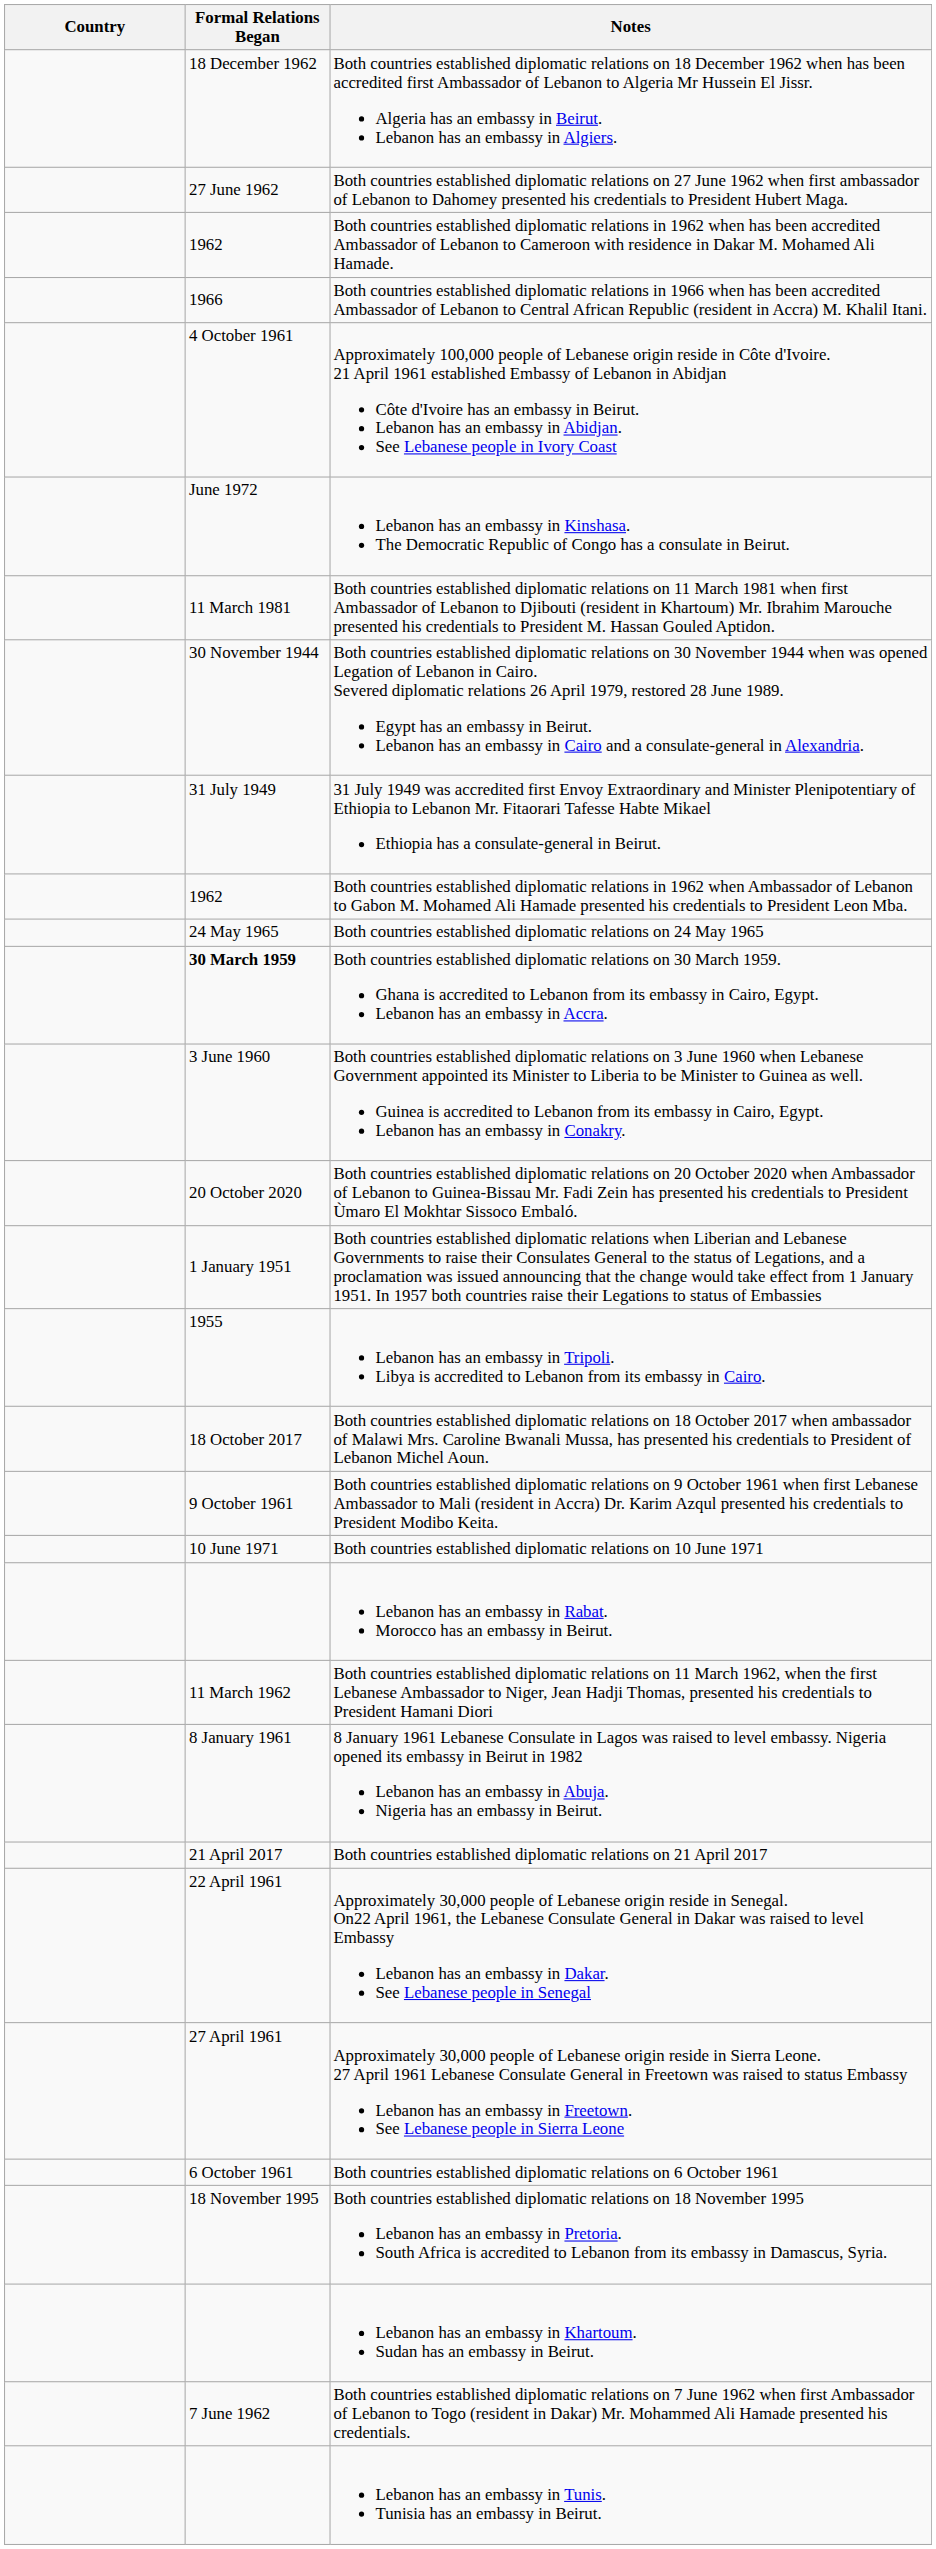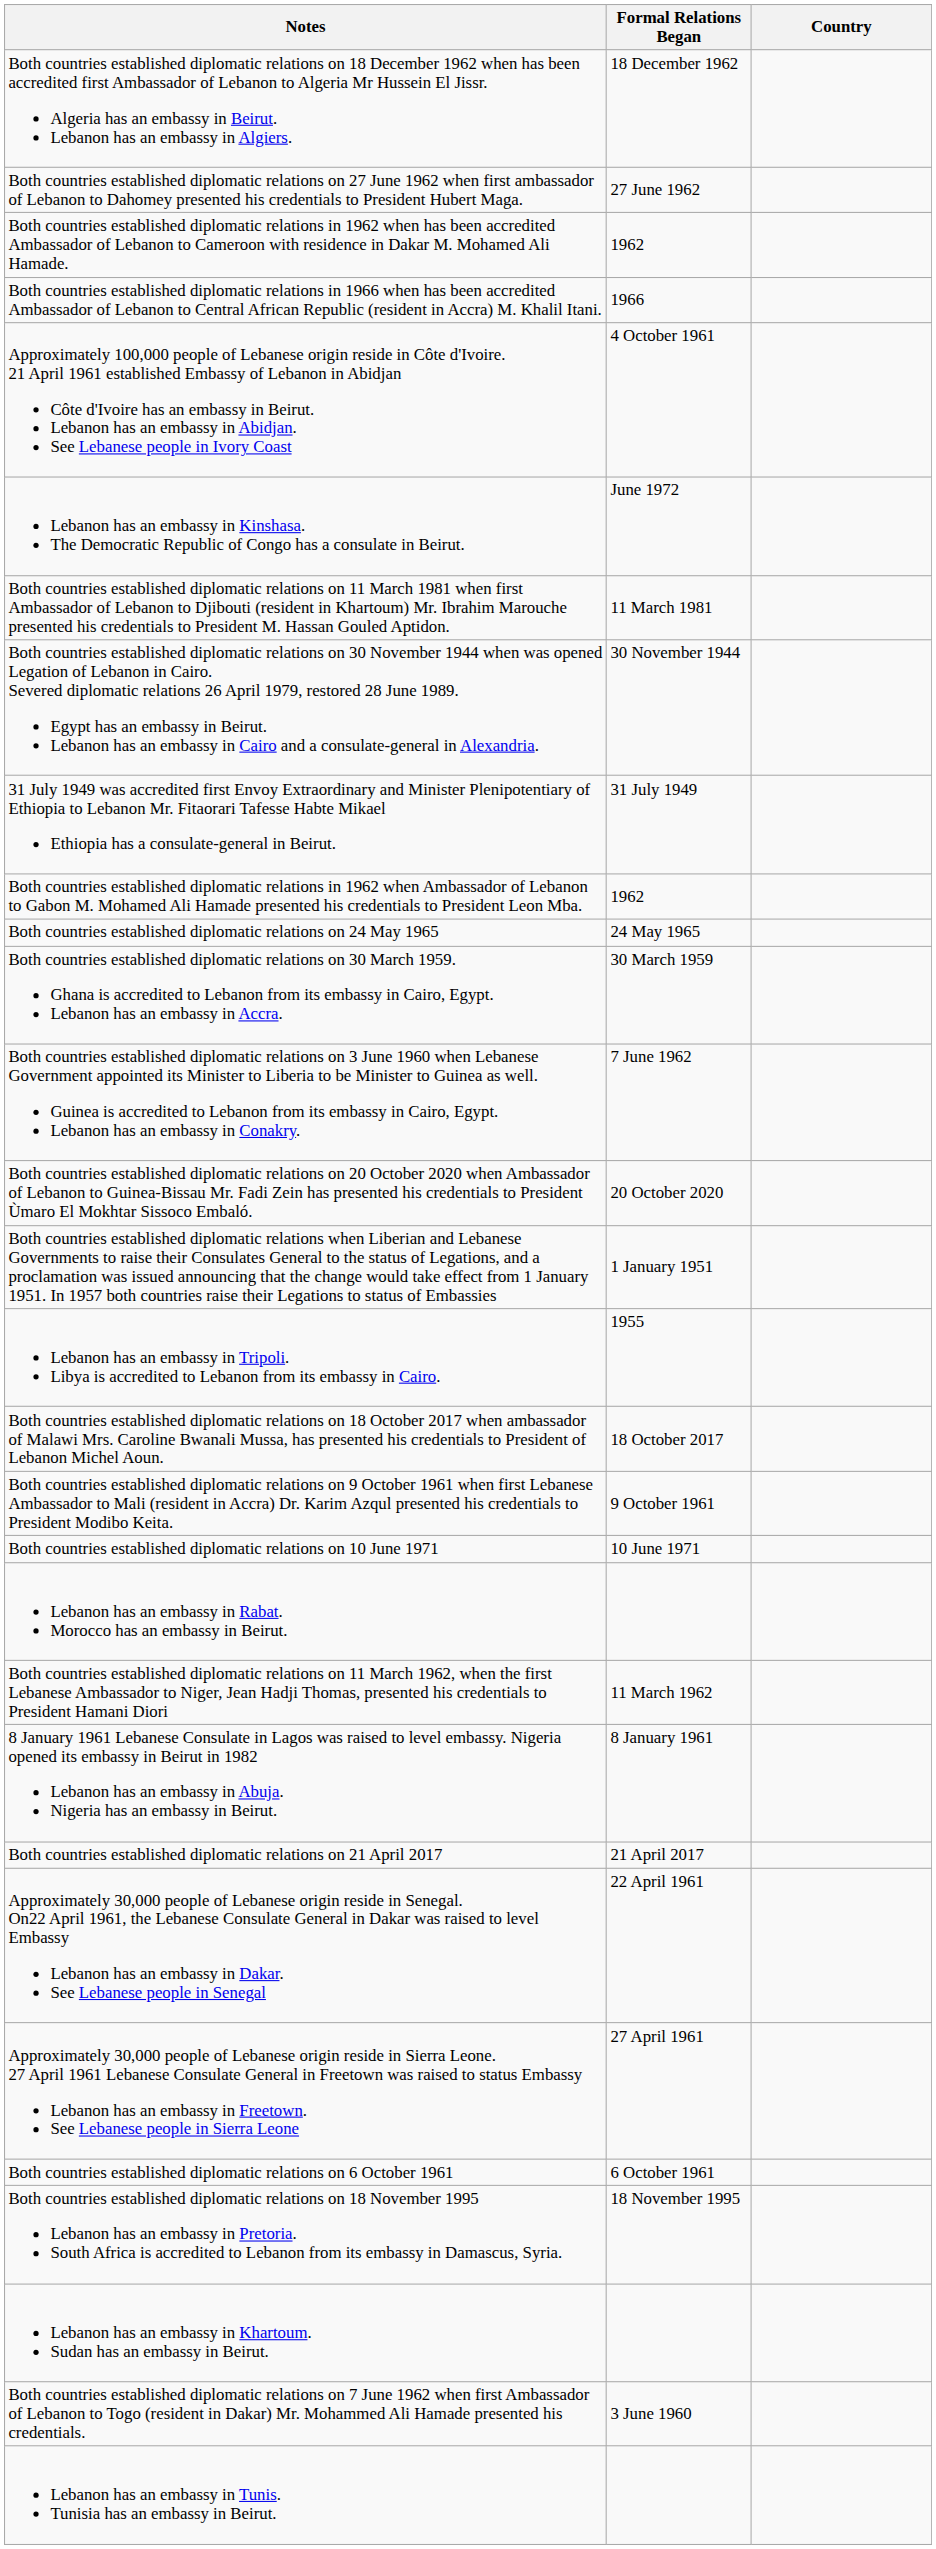 <table class="wikitable sortable" style="width:100%; margin:auto;">
 <tr>
+<th style="width:50%;">Notes</th>
+<th style="width:12%;">Formal Relations Began</th>
 <th style="width:15%;">Country</th>
-<th style="width:12%;">Formal Relations Began</th>
-<th style="width:50%;">Notes</th>
 </tr>
 <tr valign="top">
+<td>Both countries established diplomatic relations on 18 December 1962 when has been accredited first Ambassador of Lebanon to Algeria Mr Hussein El Jissr.<br><ul><li>Algeria has an embassy in <a href='#'>Beirut</a>.</li><li>Lebanon has an embassy in <a href='#'>Algiers</a>.</li></ul></td>
+<td>18 December 1962</td>
 <td></td>
-<td>18 December 1962</td>
-<td>Both countries established diplomatic relations on 18 December 1962 when has been accredited first Ambassador of Lebanon to Algeria Mr Hussein El Jissr.<br><ul><li>Algeria has an embassy in <a href='#'>Beirut</a>.</li><li>Lebanon has an embassy in <a href='#'>Algiers</a>.</li></ul></td>
 </tr>
 <tr>
+<td>Both countries established diplomatic relations on 27 June 1962 when first ambassador of Lebanon to Dahomey presented his credentials to President Hubert Maga.</td>
+<td>27 June 1962</td>
 <td></td>
-<td>27 June 1962</td>
-<td>Both countries established diplomatic relations on 27 June 1962 when first ambassador of Lebanon to Dahomey presented his credentials to President Hubert Maga.</td>
 </tr>
 <tr>
+<td>Both countries established diplomatic relations in 1962 when has been accredited Ambassador of Lebanon to Cameroon with residence in Dakar M. Mohamed Ali Hamade.</td>
+<td>1962</td>
 <td></td>
-<td>1962</td>
-<td>Both countries established diplomatic relations in 1962 when has been accredited Ambassador of Lebanon to Cameroon with residence in Dakar M. Mohamed Ali Hamade.</td>
 </tr>
 <tr>
+<td>Both countries established diplomatic relations in 1966 when has been accredited Ambassador of Lebanon to Central African Republic (resident in Accra) M. Khalil Itani.</td>
+<td>1966</td>
 <td></td>
-<td>1966</td>
-<td>Both countries established diplomatic relations in 1966 when has been accredited Ambassador of Lebanon to Central African Republic (resident in Accra) M. Khalil Itani.</td>
 </tr>
 <tr valign="top">
+<td><br>Approximately 100,000 people of Lebanese origin reside in Côte d'Ivoire.<br>21 April 1961 established Embassy of Lebanon in Abidjan<ul><li>Côte d'Ivoire has an embassy in Beirut.</li><li>Lebanon has an embassy in <a href='#'>Abidjan</a>.</li><li>See <a href='#'>Lebanese people in Ivory Coast</a></li></ul></td>
+<td>4 October 1961</td>
 <td></td>
-<td>4 October 1961</td>
-<td><br>Approximately 100,000 people of Lebanese origin reside in Côte d'Ivoire.<br>21 April 1961 established Embassy of Lebanon in Abidjan<ul><li>Côte d'Ivoire has an embassy in Beirut.</li><li>Lebanon has an embassy in <a href='#'>Abidjan</a>.</li><li>See <a href='#'>Lebanese people in Ivory Coast</a></li></ul></td>
 </tr>
 <tr valign="top">
+<td><br><ul><li>Lebanon has an embassy in <a href='#'>Kinshasa</a>.</li><li>The Democratic Republic of Congo has a consulate in Beirut.</li></ul></td>
+<td>June 1972</td>
 <td></td>
-<td>June 1972</td>
-<td><br><ul><li>Lebanon has an embassy in <a href='#'>Kinshasa</a>.</li><li>The Democratic Republic of Congo has a consulate in Beirut.</li></ul></td>
 </tr>
 <tr>
+<td>Both countries established diplomatic relations on 11 March 1981 when first Ambassador of Lebanon to Djibouti (resident in Khartoum) Mr. Ibrahim Marouche presented his credentials to President M. Hassan Gouled Aptidon.</td>
+<td>11 March 1981</td>
 <td></td>
-<td>11 March 1981</td>
-<td>Both countries established diplomatic relations on 11 March 1981 when first Ambassador of Lebanon to Djibouti (resident in Khartoum) Mr. Ibrahim Marouche presented his credentials to President M. Hassan Gouled Aptidon.</td>
 </tr>
 <tr valign="top">
+<td>Both countries established diplomatic relations on 30 November 1944 when was opened Legation of Lebanon in Cairo.<br>Severed diplomatic relations 26 April 1979, restored 28 June 1989.<ul><li>Egypt has an embassy in Beirut.</li><li>Lebanon has an embassy in <a href='#'>Cairo</a> and a consulate-general in <a href='#'>Alexandria</a>.</li></ul></td>
+<td>30 November 1944</td>
 <td></td>
-<td>30 November 1944</td>
-<td>Both countries established diplomatic relations on 30 November 1944 when was opened Legation of Lebanon in Cairo.<br>Severed diplomatic relations 26 April 1979, restored 28 June 1989.<ul><li>Egypt has an embassy in Beirut.</li><li>Lebanon has an embassy in <a href='#'>Cairo</a> and a consulate-general in <a href='#'>Alexandria</a>.</li></ul></td>
 </tr>
 <tr valign="top">
+<td>31 July 1949 was accredited first Envoy Extraordinary and Minister Plenipotentiary of Ethiopia to Lebanon Mr. Fitaorari Tafesse Habte Mikael<br><ul><li>Ethiopia has a consulate-general in Beirut.</li></ul></td>
+<td>31 July 1949</td>
 <td></td>
-<td>31 July 1949</td>
-<td>31 July 1949 was accredited first Envoy Extraordinary and Minister Plenipotentiary of Ethiopia to Lebanon Mr. Fitaorari Tafesse Habte Mikael<br><ul><li>Ethiopia has a consulate-general in Beirut.</li></ul></td>
 </tr>
 <tr>
+<td>Both countries established diplomatic relations in 1962 when Ambassador of Lebanon to Gabon M. Mohamed Ali Hamade presented his credentials to President Leon Mba.</td>
+<td>1962</td>
 <td></td>
-<td>1962</td>
-<td>Both countries established diplomatic relations in 1962 when Ambassador of Lebanon to Gabon M. Mohamed Ali Hamade presented his credentials to President Leon Mba.</td>
 </tr>
 <tr>
+<td>Both countries established diplomatic relations on 24 May 1965</td>
+<td>24 May 1965</td>
 <td></td>
-<td>24 May 1965</td>
-<td>Both countries established diplomatic relations on 24 May 1965</td>
 </tr>
 <tr valign="top">
+<td>Both countries established diplomatic relations on 30 March 1959.<br><ul><li>Ghana is accredited to Lebanon from its embassy in Cairo, Egypt.</li><li>Lebanon has an embassy in <a href='#'>Accra</a>.</li></ul></td>
+<td>30 March 1959</td>
 <td></td>
-<td><strong>30 March 1959</strong></td>
-<td>Both countries established diplomatic relations on 30 March 1959.<br><ul><li>Ghana is accredited to Lebanon from its embassy in Cairo, Egypt.</li><li>Lebanon has an embassy in <a href='#'>Accra</a>.</li></ul></td>
 </tr>
 <tr valign="top">
+<td>Both countries established diplomatic relations on 3 June 1960 when Lebanese Government appointed its Minister to Liberia to be Minister to Guinea as well.<br><ul><li>Guinea is accredited to Lebanon from its embassy in Cairo, Egypt.</li><li>Lebanon has an embassy in <a href='#'>Conakry</a>.</li></ul></td>
+<td>7 June 1962</td>
 <td></td>
-<td>3 June 1960</td>
-<td>Both countries established diplomatic relations on 3 June 1960 when Lebanese Government appointed its Minister to Liberia to be Minister to Guinea as well.<br><ul><li>Guinea is accredited to Lebanon from its embassy in Cairo, Egypt.</li><li>Lebanon has an embassy in <a href='#'>Conakry</a>.</li></ul></td>
 </tr>
 <tr>
+<td>Both countries established diplomatic relations on 20 October 2020 when Ambassador of Lebanon to Guinea-Bissau Mr. Fadi Zein has presented his credentials to President Ùmaro El Mokhtar Sissoco Embaló.</td>
+<td>20 October 2020</td>
 <td></td>
-<td>20 October 2020</td>
-<td>Both countries established diplomatic relations on 20 October 2020 when Ambassador of Lebanon to Guinea-Bissau Mr. Fadi Zein has presented his credentials to President Ùmaro El Mokhtar Sissoco Embaló.</td>
 </tr>
 <tr>
+<td>Both countries established diplomatic relations when Liberian and Lebanese Governments to raise their Consulates General to the status of Legations, and a proclamation was issued announcing that the change would take effect from 1 January 1951. In 1957 both countries raise their Legations to status of Embassies</td>
+<td>1 January 1951</td>
 <td></td>
-<td>1 January 1951</td>
-<td>Both countries established diplomatic relations when Liberian and Lebanese Governments to raise their Consulates General to the status of Legations, and a proclamation was issued announcing that the change would take effect from 1 January 1951. In 1957 both countries raise their Legations to status of Embassies</td>
 </tr>
 <tr valign="top">
+<td><br><ul><li>Lebanon has an embassy in <a href='#'>Tripoli</a>.</li><li>Libya is accredited to Lebanon from its embassy in <a href='#'>Cairo</a>.</li></ul></td>
+<td>1955</td>
 <td></td>
-<td>1955</td>
-<td><br><ul><li>Lebanon has an embassy in <a href='#'>Tripoli</a>.</li><li>Libya is accredited to Lebanon from its embassy in <a href='#'>Cairo</a>.</li></ul></td>
 </tr>
 <tr>
+<td>Both countries established diplomatic relations on 18 October 2017 when ambassador of Malawi Mrs. Caroline Bwanali Mussa, has presented his credentials to President of Lebanon Michel Aoun.</td>
+<td>18 October 2017</td>
 <td></td>
-<td>18 October 2017</td>
-<td>Both countries established diplomatic relations on 18 October 2017 when ambassador of Malawi Mrs. Caroline Bwanali Mussa, has presented his credentials to President of Lebanon Michel Aoun.</td>
 </tr>
 <tr>
+<td>Both countries established diplomatic relations on 9 October 1961 when first Lebanese Ambassador to Mali (resident in Accra) Dr. Karim Azqul presented his credentials to President Modibo Keita.</td>
+<td>9 October 1961</td>
 <td></td>
-<td>9 October 1961</td>
-<td>Both countries established diplomatic relations on 9 October 1961 when first Lebanese Ambassador to Mali (resident in Accra) Dr. Karim Azqul presented his credentials to President Modibo Keita.</td>
 </tr>
 <tr>
+<td>Both countries established diplomatic relations on 10 June 1971</td>
+<td>10 June 1971</td>
 <td></td>
-<td>10 June 1971</td>
-<td>Both countries established diplomatic relations on 10 June 1971</td>
 </tr>
 <tr valign="top">
+<td><br><ul><li>Lebanon has an embassy in <a href='#'>Rabat</a>.</li><li>Morocco has an embassy in Beirut.</li></ul></td>
 <td></td>
 <td></td>
-<td><br><ul><li>Lebanon has an embassy in <a href='#'>Rabat</a>.</li><li>Morocco has an embassy in Beirut.</li></ul></td>
 </tr>
 <tr>
+<td>Both countries established diplomatic relations on 11 March 1962, when the first Lebanese Ambassador to Niger, Jean Hadji Thomas, presented his credentials to President Hamani Diori</td>
+<td>11 March 1962</td>
 <td></td>
-<td>11 March 1962</td>
-<td>Both countries established diplomatic relations on 11 March 1962, when the first Lebanese Ambassador to Niger, Jean Hadji Thomas, presented his credentials to President Hamani Diori</td>
 </tr>
 <tr valign="top">
+<td>8 January 1961 Lebanese Consulate in Lagos was raised to level embassy. Nigeria opened its embassy in Beirut in 1982<br><ul><li>Lebanon has an embassy in <a href='#'>Abuja</a>.</li><li>Nigeria has an embassy in Beirut.</li></ul></td>
+<td>8 January 1961</td>
 <td></td>
-<td>8 January 1961</td>
-<td>8 January 1961 Lebanese Consulate in Lagos was raised to level embassy. Nigeria opened its embassy in Beirut in 1982<br><ul><li>Lebanon has an embassy in <a href='#'>Abuja</a>.</li><li>Nigeria has an embassy in Beirut.</li></ul></td>
 </tr>
 <tr>
+<td>Both countries established diplomatic relations on 21 April 2017</td>
+<td>21 April 2017</td>
 <td></td>
-<td>21 April 2017</td>
-<td>Both countries established diplomatic relations on 21 April 2017</td>
 </tr>
 <tr valign="top">
+<td><br>Approximately 30,000 people of Lebanese origin reside in Senegal.<br>On22 April 1961, the Lebanese Consulate General in Dakar was raised to level Embassy<ul><li>Lebanon has an embassy in <a href='#'>Dakar</a>.</li><li>See <a href='#'>Lebanese people in Senegal</a></li></ul></td>
+<td>22 April 1961</td>
 <td></td>
-<td>22 April 1961</td>
-<td><br>Approximately 30,000 people of Lebanese origin reside in Senegal.<br>On22 April 1961, the Lebanese Consulate General in Dakar was raised to level Embassy<ul><li>Lebanon has an embassy in <a href='#'>Dakar</a>.</li><li>See <a href='#'>Lebanese people in Senegal</a></li></ul></td>
 </tr>
 <tr valign="top">
+<td><br>Approximately 30,000 people of Lebanese origin reside in Sierra Leone.<br>27 April 1961 Lebanese Consulate General in Freetown was raised to status Embassy<ul><li>Lebanon has an embassy in <a href='#'>Freetown</a>.</li><li>See <a href='#'>Lebanese people in Sierra Leone</a></li></ul></td>
+<td>27 April 1961</td>
 <td></td>
-<td>27 April 1961</td>
-<td><br>Approximately 30,000 people of Lebanese origin reside in Sierra Leone.<br>27 April 1961 Lebanese Consulate General in Freetown was raised to status Embassy<ul><li>Lebanon has an embassy in <a href='#'>Freetown</a>.</li><li>See <a href='#'>Lebanese people in Sierra Leone</a></li></ul></td>
 </tr>
 <tr>
+<td>Both countries established diplomatic relations on 6 October 1961</td>
+<td>6 October 1961</td>
 <td></td>
-<td>6 October 1961</td>
-<td>Both countries established diplomatic relations on 6 October 1961</td>
 </tr>
 <tr valign="top">
+<td>Both countries established diplomatic relations on 18 November 1995<br><ul><li>Lebanon has an embassy in <a href='#'>Pretoria</a>.</li><li>South Africa is accredited to Lebanon from its embassy in Damascus, Syria.</li></ul></td>
+<td>18 November 1995</td>
 <td></td>
-<td>18 November 1995</td>
-<td>Both countries established diplomatic relations on 18 November 1995<br><ul><li>Lebanon has an embassy in <a href='#'>Pretoria</a>.</li><li>South Africa is accredited to Lebanon from its embassy in Damascus, Syria.</li></ul></td>
 </tr>
 <tr valign="top">
+<td><br><ul><li>Lebanon has an embassy in <a href='#'>Khartoum</a>.</li><li>Sudan has an embassy in Beirut.</li></ul></td>
 <td></td>
 <td></td>
-<td><br><ul><li>Lebanon has an embassy in <a href='#'>Khartoum</a>.</li><li>Sudan has an embassy in Beirut.</li></ul></td>
 </tr>
 <tr>
+<td>Both countries established diplomatic relations on 7 June 1962 when first Ambassador of Lebanon to Togo (resident in Dakar) Mr. Mohammed Ali Hamade presented his credentials.</td>
+<td>3 June 1960</td>
 <td></td>
-<td>7 June 1962</td>
-<td>Both countries established diplomatic relations on 7 June 1962 when first Ambassador of Lebanon to Togo (resident in Dakar) Mr. Mohammed Ali Hamade presented his credentials.</td>
 </tr>
 <tr valign="top">
+<td><br><ul><li>Lebanon has an embassy in <a href='#'>Tunis</a>.</li><li>Tunisia has an embassy in Beirut.</li></ul></td>
 <td></td>
 <td></td>
-<td><br><ul><li>Lebanon has an embassy in <a href='#'>Tunis</a>.</li><li>Tunisia has an embassy in Beirut.</li></ul></td>
 </tr>
 </table>
